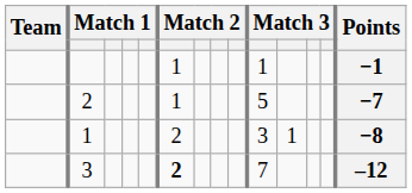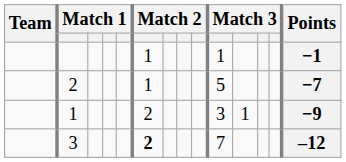 <table class="wikitable sortable" style="text-align:center;">
 <tr>
 <th rowspan=2>Team</th>
 <th colspan=4 style="border-left:3px solid gray">Match 1</th>
 <th colspan=4 style="border-left:3px solid gray">Match 2</th>
 <th colspan=4 style="border-left:3px solid gray">Match 3</th>
 <th rowspan=2 style="border-left:3px solid gray">Points</th>
 </tr>
 <tr>
 <th style="border-left:3px solid gray"></th>
 <th></th>
 <th></th>
 <th></th>
 <th style="border-left:3px solid gray"></th>
 <th></th>
 <th></th>
 <th></th>
 <th style="border-left:3px solid gray"></th>
 <th></th>
 <th></th>
 <th></th>
 </tr>
 <tr>
 <td align=left></td>
 <td style="border-left:3px solid gray"></td>
 <td></td>
 <td></td>
 <td></td>
 <td style="border-left:3px solid gray">1</td>
 <td></td>
 <td></td>
 <td></td>
 <td style="border-left:3px solid gray">1</td>
 <td></td>
 <td></td>
 <td></td>
 <th style="border-left:3px solid gray">−1</th>
 </tr>
 <tr>
 <td align=left></td>
 <td style="border-left:3px solid gray">2</td>
 <td></td>
 <td></td>
 <td></td>
 <td style="border-left:3px solid gray">1</td>
 <td></td>
 <td></td>
 <td></td>
 <td style="border-left:3px solid gray">5</td>
 <td></td>
 <td></td>
 <td></td>
 <th style="border-left:3px solid gray">−7</th>
 </tr>
 <tr>
 <td align=left></td>
 <td style="border-left:3px solid gray">1</td>
 <td></td>
 <td></td>
 <td></td>
 <td style="border-left:3px solid gray">2</td>
 <td></td>
 <td></td>
 <td></td>
 <td style="border-left:3px solid gray">3</td>
 <td>1</td>
 <td></td>
 <td></td>
-<th style="border-left:3px solid gray">−8</th>
+<th style="border-left:3px solid gray">−9</th>
 </tr>
 <tr>
 <td align=left></td>
 <td style="border-left:3px solid gray">3</td>
 <td></td>
 <td></td>
 <td></td>
 <td style="border-left:3px solid gray"><strong>2</strong></td>
 <td></td>
 <td></td>
 <td></td>
 <td style="border-left:3px solid gray">7</td>
 <td></td>
 <td></td>
 <td></td>
 <th style="border-left:3px solid gray">–12</th>
 </tr>
 </table>
